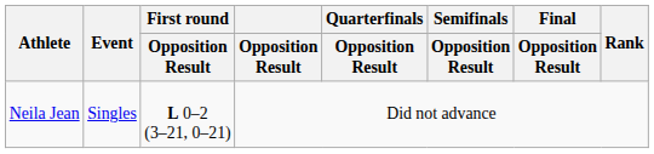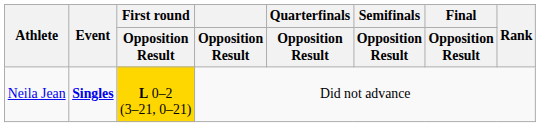 <table class="wikitable" style="font-size:90%">
 <tr>
 <th rowspan="2">Athlete</th>
 <th rowspan="2">Event</th>
 <th>First round</th>
 <th></th>
 <th>Quarterfinals</th>
 <th>Semifinals</th>
 <th>Final</th>
 <th rowspan="2">Rank</th>
 </tr>
 <tr>
 <th>Opposition<br>Result</th>
 <th>Opposition<br>Result</th>
 <th>Opposition<br>Result</th>
 <th>Opposition<br>Result</th>
 <th>Opposition<br>Result</th>
 </tr>
 <tr align=center>
 <td align=left><a href='#'>Neila Jean</a></td>
-<td align=left><a href='#'>Singles</a></td>
-<td><br><strong>L</strong> 0–2<br>(3–21, 0–21)</td>
+<td align=left><strong><a href='#'>Singles</a></strong></td>
+<td style="background: gold;"><br><strong>L</strong> 0–2<br>(3–21, 0–21)</td>
 <td colspan=5>Did not advance</td>
 </tr>
 </table>
